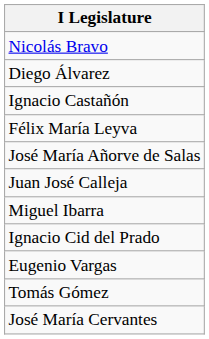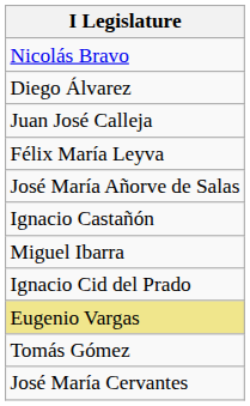 <table class="wikitable">
 <tr>
 <th>I Legislature</th>
 </tr>
 <tr>
 <td><a href='#'>Nicolás Bravo</a></td>
 </tr>
 <tr>
 <td>Diego Álvarez</td>
 </tr>
 <tr>
-<td>Ignacio Castañón</td>
+<td>Juan José Calleja</td>
 </tr>
 <tr>
 <td>Félix María Leyva</td>
 </tr>
 <tr>
 <td>José María Añorve de Salas</td>
 </tr>
 <tr>
-<td>Juan José Calleja</td>
+<td>Ignacio Castañón</td>
 </tr>
 <tr>
 <td>Miguel Ibarra</td>
 </tr>
 <tr>
 <td>Ignacio Cid del Prado</td>
 </tr>
 <tr>
-<td>Eugenio Vargas</td>
+<td style="background: khaki;">Eugenio Vargas</td>
 </tr>
 <tr>
 <td>Tomás Gómez</td>
 </tr>
 <tr>
 <td>José María Cervantes</td>
 </tr>
 </table>
